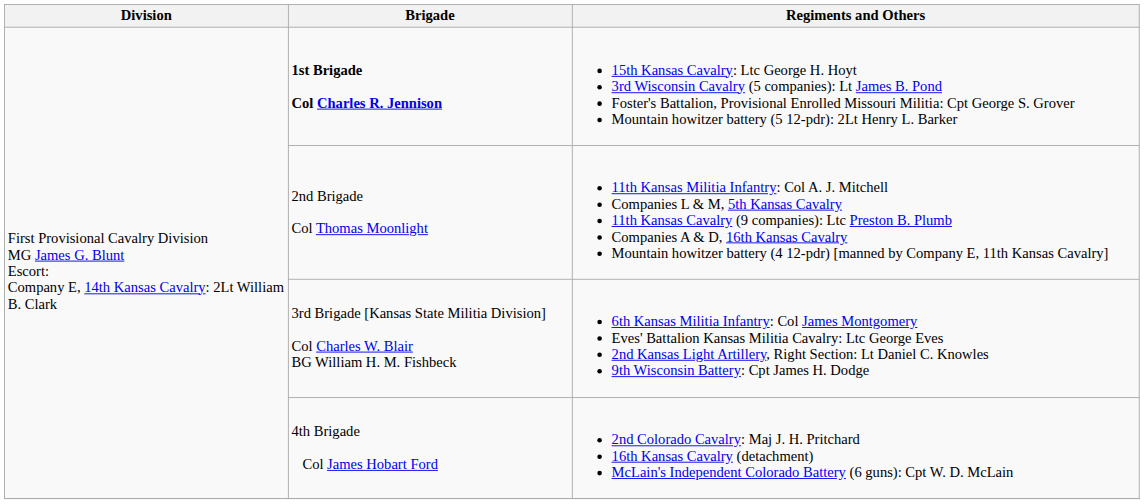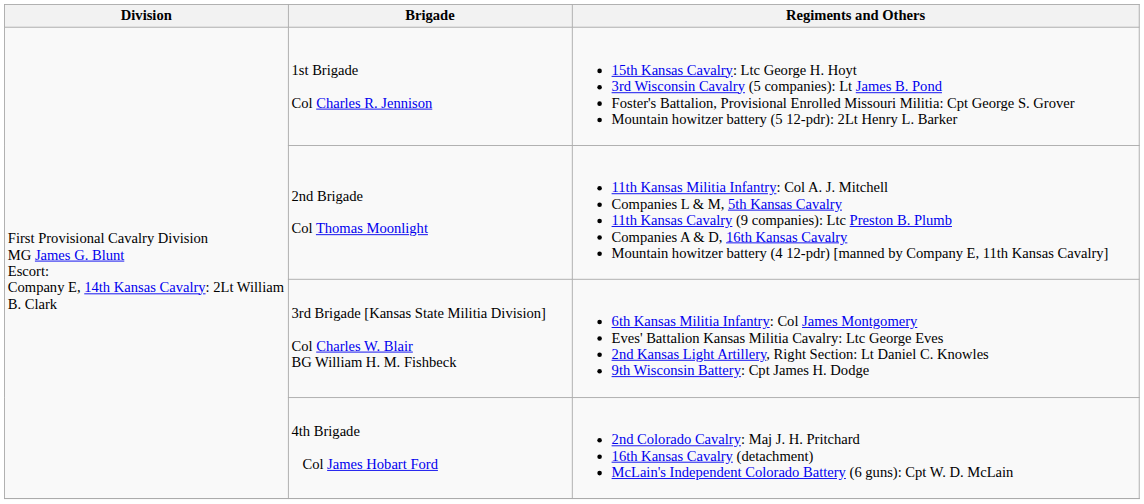 <table class="wikitable">
 <tr>
 <th width=25%>Division</th>
 <th width=25%>Brigade</th>
 <th>Regiments and Others</th>
 </tr>
 <tr>
 <td rowspan=4><br>First Provisional Cavalry Division <br> MG <a href='#'>James G. Blunt</a><br> Escort:<br> Company E, <a href='#'>14th Kansas Cavalry</a>: 2Lt William B. Clark</td>
-<td><strong>1st Brigade<br><br> Col <a href='#'>Charles R. Jennison</a></strong></td>
+<td>1st Brigade<br><br> Col <a href='#'>Charles R. Jennison</a></td>
 <td><br><ul><li><a href='#'>15th Kansas Cavalry</a>: Ltc George H. Hoyt</li><li><a href='#'>3rd Wisconsin Cavalry</a> (5 companies): Lt <a href='#'>James B. Pond</a></li><li>Foster's Battalion, Provisional Enrolled Missouri Militia: Cpt George S. Grover</li><li>Mountain howitzer battery (5 12-pdr): 2Lt Henry L. Barker</li></ul></td>
 </tr>
 <tr>
 <td>2nd Brigade<br><br> Col <a href='#'>Thomas Moonlight</a></td>
 <td><br><ul><li><a href='#'>11th Kansas Militia Infantry</a>: Col A. J. Mitchell</li><li>Companies L & M, <a href='#'>5th Kansas Cavalry</a></li><li><a href='#'>11th Kansas Cavalry</a> (9 companies): Ltc <a href='#'>Preston B. Plumb</a></li><li>Companies A & D, <a href='#'>16th Kansas Cavalry</a></li><li>Mountain howitzer battery (4 12-pdr) [manned by Company E, 11th Kansas Cavalry]</li></ul></td>
 </tr>
 <tr>
 <td>3rd Brigade [Kansas State Militia Division]<br><br> Col <a href='#'>Charles W. Blair</a><br> BG William H. M. Fishbeck</td>
 <td><br><ul><li><a href='#'>6th Kansas Militia Infantry</a>: Col <a href='#'>James Montgomery</a></li><li>Eves' Battalion Kansas Militia Cavalry: Ltc George Eves</li><li><a href='#'>2nd Kansas Light Artillery</a>, Right Section: Lt Daniel C. Knowles</li><li><a href='#'>9th Wisconsin Battery</a>: Cpt James H. Dodge</li></ul></td>
 </tr>
 <tr>
 <td>4th Brigade<br><br>   Col <a href='#'>James Hobart Ford</a></td>
 <td><br><ul><li><a href='#'>2nd Colorado Cavalry</a>: Maj J. H. Pritchard</li><li><a href='#'>16th Kansas Cavalry</a> (detachment)</li><li><a href='#'>McLain's Independent Colorado Battery</a> (6 guns): Cpt W. D. McLain</li></ul></td>
 </tr>
 <tr>
 </tr>
 </table>
